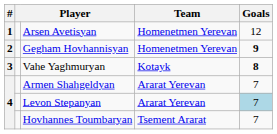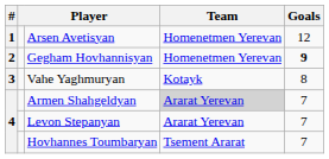 <table class="wikitable">
 <tr>
 <th>#</th>
 <th colspan=2>Player</th>
 <th>Team</th>
 <th>Goals</th>
 </tr>
 <tr>
 <th>1</th>
 <td></td>
 <td><a href='#'>Arsen Avetisyan</a></td>
 <td><a href='#'>Homenetmen Yerevan</a></td>
 <td align=center>12</td>
 </tr>
 <tr>
 <th>2</th>
 <td></td>
 <td><a href='#'>Gegham Hovhannisyan</a></td>
 <td><a href='#'>Homenetmen Yerevan</a></td>
 <td align=center><strong>9</strong></td>
 </tr>
 <tr>
 <th>3</th>
 <td></td>
 <td>Vahe Yaghmuryan</td>
 <td><a href='#'>Kotayk</a></td>
-<td align=center><strong>8</strong></td>
+<td align=center>8</td>
 </tr>
 <tr>
 <th rowspan=3>4</th>
 <td></td>
 <td><a href='#'>Armen Shahgeldyan</a></td>
-<td><a href='#'>Ararat Yerevan</a></td>
+<td style="background: lightgrey;"><a href='#'>Ararat Yerevan</a></td>
 <td align=center>7</td>
 </tr>
 <tr>
 <td></td>
 <td><a href='#'>Levon Stepanyan</a></td>
 <td><a href='#'>Ararat Yerevan</a></td>
-<td align=center style="background: lightblue;">7</td>
+<td align=center>7</td>
 </tr>
 <tr>
 <td></td>
 <td><a href='#'>Hovhannes Toumbaryan</a></td>
 <td><a href='#'>Tsement Ararat</a></td>
 <td align=center>7</td>
 </tr>
 </table>
